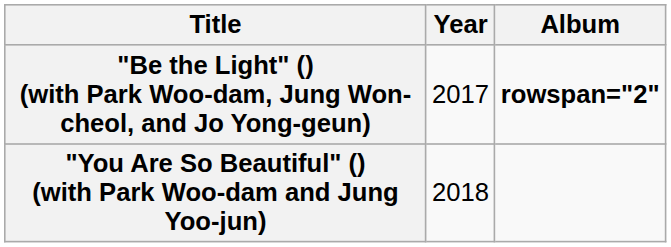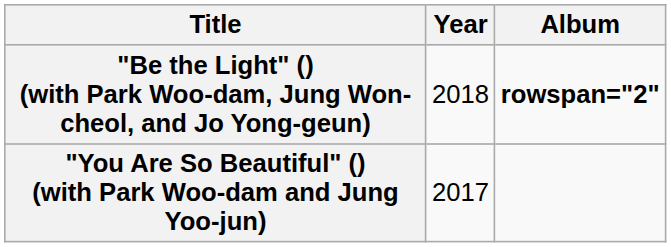 <table class="wikitable plainrowheaders" style="text-align:center;" border="1">
 <tr>
 <th scope="col" style="width:16em;">Title</th>
 <th scope="col">Year</th>
 <th scope="col">Album</th>
 </tr>
 <tr>
 <th scope="row">"Be the Light" ()<br>(with Park Woo-dam, Jung Won-cheol, and Jo Yong-geun)</th>
-<td>2017</td>
+<td>2018</td>
 <td><strong>rowspan="2" </strong></td>
 </tr>
 <tr>
 <th scope="row">"You Are So Beautiful" ()<br>(with Park Woo-dam and Jung Yoo-jun)</th>
-<td>2018</td>
+<td>2017</td>
 </tr>
 </table>
